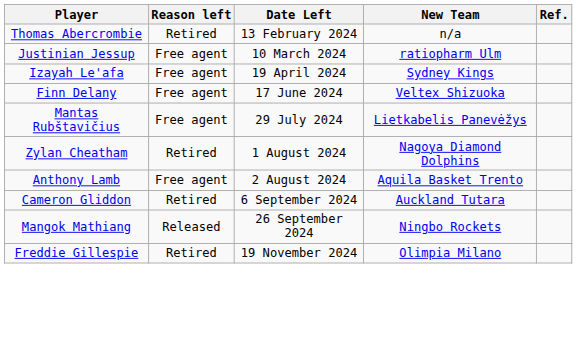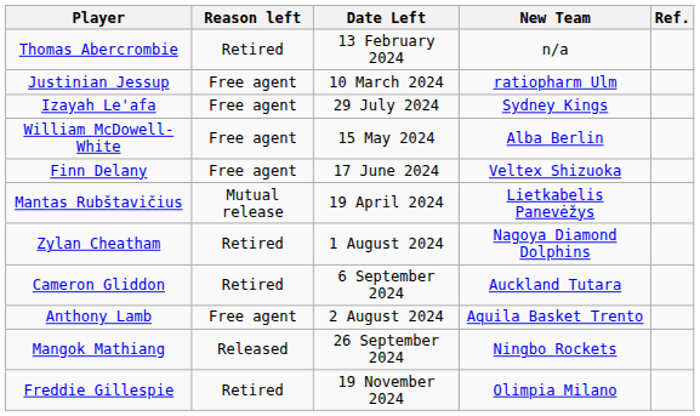 <table class="wikitable sortable sortable" style="text-align: center">
 <tr>
 <th>Player</th>
 <th>Reason left</th>
 <th>Date Left</th>
 <th>New Team</th>
 <th>Ref.</th>
 </tr>
 <tr>
 <td><a href='#'>Thomas Abercrombie</a></td>
 <td>Retired</td>
 <td>13 February 2024</td>
 <td>n/a</td>
 <td></td>
 </tr>
 <tr>
 <td><a href='#'>Justinian Jessup</a></td>
 <td>Free agent</td>
 <td>10 March 2024</td>
 <td><a href='#'>ratiopharm Ulm</a></td>
 <td></td>
 </tr>
 <tr>
 <td><a href='#'>Izayah Le'afa</a></td>
 <td>Free agent</td>
-<td>19 April 2024</td>
+<td>29 July 2024</td>
 <td><a href='#'>Sydney Kings</a></td>
+<td></td>
+</tr>
+<tr>
+<td><a href='#'>William McDowell-White</a></td>
+<td>Free agent</td>
+<td>15 May 2024</td>
+<td><a href='#'>Alba Berlin</a></td>
 <td></td>
 </tr>
 <tr>
 <td><a href='#'>Finn Delany</a></td>
 <td>Free agent</td>
 <td>17 June 2024</td>
 <td><a href='#'>Veltex Shizuoka</a></td>
 <td></td>
 </tr>
 <tr>
 <td><a href='#'>Mantas Rubštavičius</a></td>
-<td>Free agent</td>
-<td>29 July 2024</td>
+<td>Mutual release</td>
+<td>19 April 2024</td>
 <td><a href='#'>Lietkabelis Panevėžys</a></td>
 <td></td>
 </tr>
 <tr>
 <td><a href='#'>Zylan Cheatham</a></td>
 <td>Retired</td>
 <td>1 August 2024</td>
 <td><a href='#'>Nagoya Diamond Dolphins</a></td>
 <td></td>
 </tr>
 <tr>
+<td><a href='#'>Cameron Gliddon</a></td>
+<td>Retired</td>
+<td>6 September 2024</td>
+<td><a href='#'>Auckland Tutara</a></td>
+<td></td>
+</tr>
+<tr>
 <td><a href='#'>Anthony Lamb</a></td>
 <td>Free agent</td>
 <td>2 August 2024</td>
 <td><a href='#'>Aquila Basket Trento</a></td>
-<td></td>
-</tr>
-<tr>
-<td><a href='#'>Cameron Gliddon</a></td>
-<td>Retired</td>
-<td>6 September 2024</td>
-<td><a href='#'>Auckland Tutara</a></td>
 <td></td>
 </tr>
 <tr>
 <td><a href='#'>Mangok Mathiang</a></td>
 <td>Released</td>
 <td>26 September 2024</td>
 <td><a href='#'>Ningbo Rockets</a></td>
 <td></td>
 </tr>
 <tr>
 <td><a href='#'>Freddie Gillespie</a></td>
 <td>Retired</td>
 <td>19 November 2024</td>
 <td><a href='#'>Olimpia Milano</a></td>
 <td></td>
 </tr>
 </table>
